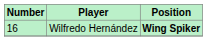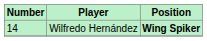 <table bgcolor="#BBF0C9" cellpadding="3" cellspacing="0" border="1" style="font-size: 95%; border: gray solid 1px; border-collapse: collapse;">
 <tr bgcolor="#BBF0C9">
 <td align=center><strong>Number</strong></td>
 <td align=center><strong>Player</strong></td>
 <td align=center><strong>Position</strong></td>
 </tr>
 <tr align="left">
-<td>16</td>
+<td>14</td>
 <td>Wilfredo Hernández</td>
 <td><strong>Wing Spiker</strong></td>
 </tr>
 <tr align="left">
 </tr>
 </table>
